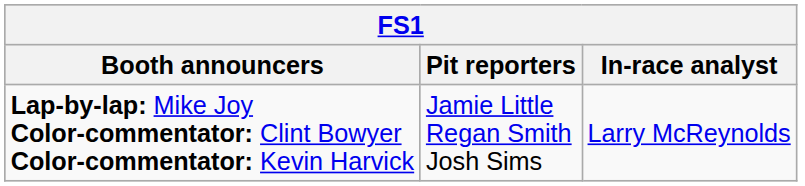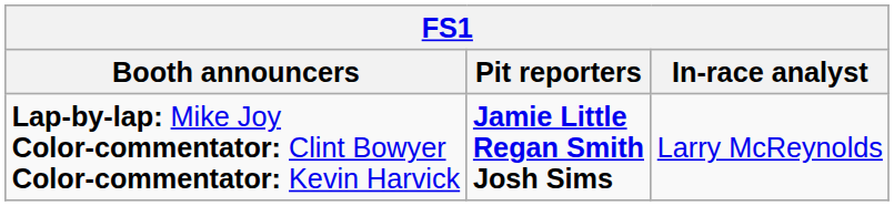 <table class="wikitable" style="font-size: 95%">
 <tr>
 <th colspan="3"><a href='#'>FS1</a></th>
 </tr>
 <tr>
 <th>Booth announcers</th>
 <th>Pit reporters</th>
 <th>In-race analyst</th>
 </tr>
 <tr>
 <td><strong>Lap-by-lap:</strong> <a href='#'>Mike Joy</a><br><strong>Color-commentator:</strong> <a href='#'>Clint Bowyer</a><br><strong>Color-commentator:</strong> <a href='#'>Kevin Harvick</a></td>
-<td><a href='#'>Jamie Little</a><br><a href='#'>Regan Smith</a><br>Josh Sims</td>
+<td><strong><a href='#'>Jamie Little</a><br><a href='#'>Regan Smith</a><br>Josh Sims</strong></td>
 <td><a href='#'>Larry McReynolds</a></td>
 </tr>
 </table>
